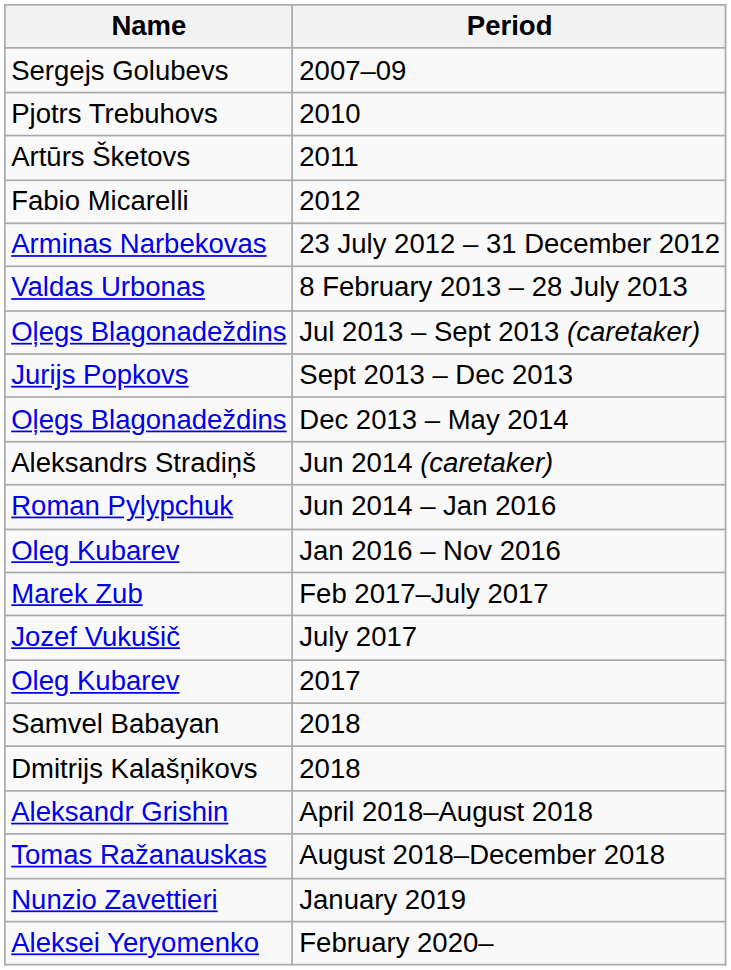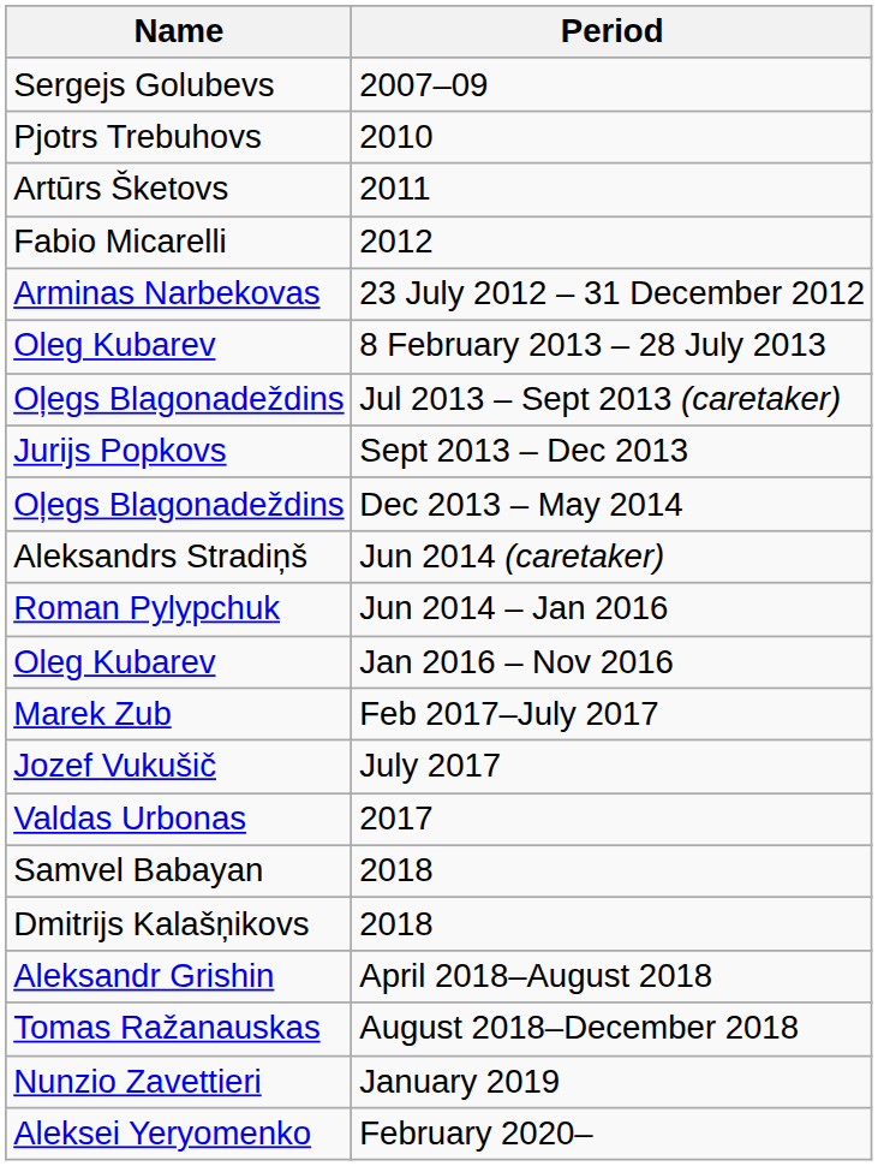 <table class="wikitable">
 <tr>
 <th>Name</th>
 <th>Period</th>
 </tr>
 <tr>
 <td> Sergejs Golubevs</td>
 <td>2007–09</td>
 </tr>
 <tr>
 <td> Pjotrs Trebuhovs</td>
 <td>2010</td>
 </tr>
 <tr>
 <td> Artūrs Šketovs</td>
 <td>2011</td>
 </tr>
 <tr>
 <td> Fabio Micarelli</td>
 <td>2012</td>
 </tr>
 <tr>
 <td> <a href='#'>Arminas Narbekovas</a></td>
 <td>23 July 2012 – 31 December 2012</td>
 </tr>
 <tr>
-<td> <a href='#'>Valdas Urbonas</a></td>
+<td> <a href='#'>Oleg Kubarev</a></td>
 <td>8 February 2013 – 28 July 2013</td>
 </tr>
 <tr>
 <td> <a href='#'>Oļegs Blagonadeždins</a></td>
 <td>Jul 2013 – Sept 2013 <em>(caretaker)</em></td>
 </tr>
 <tr>
 <td> <a href='#'>Jurijs Popkovs</a></td>
 <td>Sept 2013 – Dec 2013</td>
 </tr>
 <tr>
 <td> <a href='#'>Oļegs Blagonadeždins</a></td>
 <td>Dec 2013 – May 2014</td>
 </tr>
 <tr>
 <td> Aleksandrs Stradiņš</td>
 <td>Jun 2014 <em>(caretaker)</em></td>
 </tr>
 <tr>
 <td> <a href='#'>Roman Pylypchuk</a></td>
 <td>Jun 2014 – Jan 2016</td>
 </tr>
 <tr>
 <td> <a href='#'>Oleg Kubarev</a></td>
 <td>Jan 2016 – Nov 2016</td>
 </tr>
 <tr>
 <td> <a href='#'>Marek Zub</a></td>
 <td>Feb 2017–July 2017</td>
 </tr>
 <tr>
 <td> <a href='#'>Jozef Vukušič</a></td>
 <td>July 2017</td>
 </tr>
 <tr>
-<td> <a href='#'>Oleg Kubarev</a></td>
+<td> <a href='#'>Valdas Urbonas</a></td>
 <td>2017</td>
 </tr>
 <tr>
 <td> Samvel Babayan</td>
 <td>2018</td>
 </tr>
 <tr>
 <td> Dmitrijs Kalašņikovs</td>
 <td>2018</td>
 </tr>
 <tr>
 <td> <a href='#'>Aleksandr Grishin</a></td>
 <td>April 2018–August 2018</td>
 </tr>
 <tr>
 <td> <a href='#'>Tomas Ražanauskas</a></td>
 <td>August 2018–December 2018</td>
 </tr>
 <tr>
 <td> <a href='#'>Nunzio Zavettieri</a></td>
 <td>January 2019</td>
 </tr>
 <tr>
 <td>  <a href='#'>Aleksei Yeryomenko</a></td>
 <td>February 2020–</td>
 </tr>
 </table>
